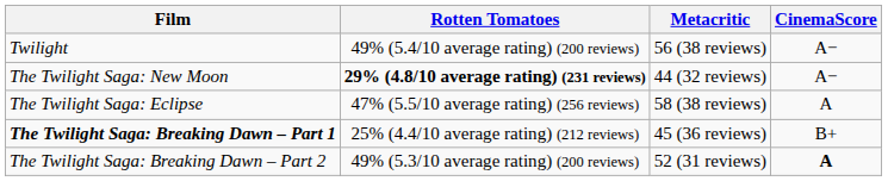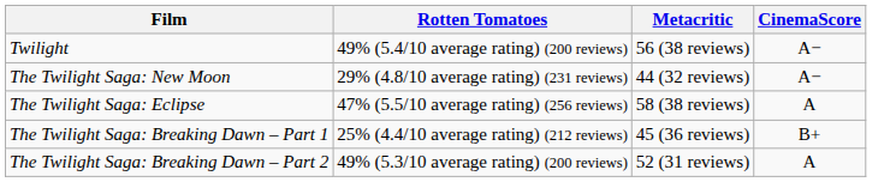 <table class="wikitable sortable">
 <tr>
 <th>Film</th>
 <th><a href='#'>Rotten Tomatoes</a></th>
 <th><a href='#'>Metacritic</a></th>
 <th><a href='#'>CinemaScore</a></th>
 </tr>
 <tr>
 <td><em>Twilight</em></td>
 <td style="text-align:center;">49% (5.4/10 average rating) <small>(200 reviews)</small></td>
 <td style="text-align:center;">56 (38 reviews)</td>
 <td style="text-align:center;">A−</td>
 </tr>
 <tr>
 <td><em>The Twilight Saga: New Moon</em></td>
-<td style="text-align:center;"><strong>29% (4.8/10 average rating) <small>(231 reviews)</small></strong></td>
+<td style="text-align:center;">29% (4.8/10 average rating) <small>(231 reviews)</small></td>
 <td style="text-align:center;">44 (32 reviews)</td>
 <td style="text-align:center;">A−</td>
 </tr>
 <tr>
 <td><em>The Twilight Saga: Eclipse</em></td>
 <td style="text-align:center;">47% (5.5/10 average rating) <small>(256 reviews)</small></td>
 <td style="text-align:center;">58 (38 reviews)</td>
 <td style="text-align:center;">A</td>
 </tr>
 <tr>
-<td><strong><em>The Twilight Saga: Breaking Dawn – Part 1</em></strong></td>
+<td><em>The Twilight Saga: Breaking Dawn – Part 1</em></td>
 <td style="text-align:center;">25% (4.4/10 average rating) <small>(212 reviews)</small></td>
 <td style="text-align:center;">45 (36 reviews)</td>
 <td style="text-align:center;">B+</td>
 </tr>
 <tr>
 <td><em>The Twilight Saga: Breaking Dawn – Part 2</em></td>
 <td style="text-align:center;">49% (5.3/10 average rating) <small>(200 reviews)</small></td>
 <td style="text-align:center;">52 (31 reviews)</td>
-<td style="text-align:center;"><strong>A</strong></td>
+<td style="text-align:center;">A</td>
 </tr>
 </table>
